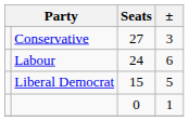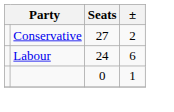 <table class="sortable wikitable">
 <tr>
 <th colspan="2">Party</th>
 <th>Seats</th>
 <th>  ±  </th>
 </tr>
 <tr>
 <td style="background-color: "></td>
 <td><a href='#'>Conservative</a></td>
 <td align="center">27</td>
-<td align="center">3</td>
+<td align="center">2</td>
 </tr>
 <tr>
 <td style="background-color: "></td>
 <td><a href='#'>Labour</a></td>
 <td align="center">24</td>
 <td align="center">6</td>
-</tr>
-<tr>
-<td style="background-color: "></td>
-<td><a href='#'>Liberal Democrat</a></td>
-<td align="center">15</td>
-<td align="center">5</td>
 </tr>
 <tr>
 <td style="background-color: "></td>
 <td><a href='#'></a></td>
 <td align="center">0</td>
 <td align="center">1</td>
 </tr>
 <tr>
 </tr>
 </table>
